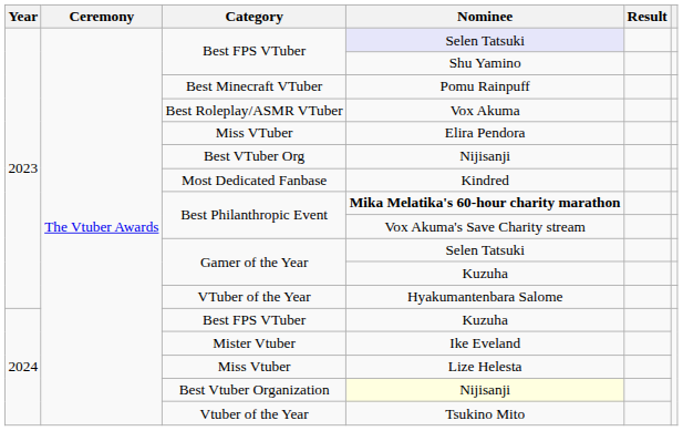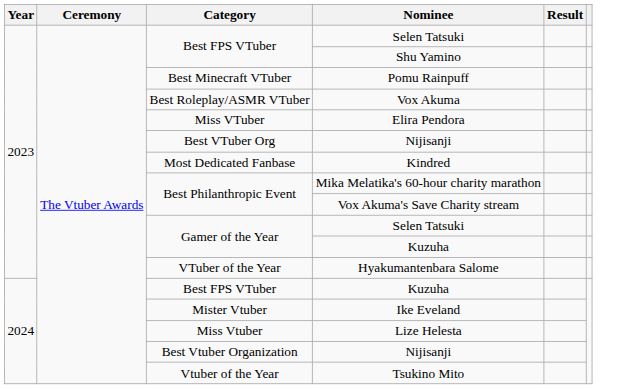 <table class="wikitable" style="text-align:center;">
 <tr>
 <th>Year</th>
 <th>Ceremony</th>
 <th>Category</th>
 <th>Nominee</th>
 <th>Result</th>
 <th></th>
 </tr>
 <tr>
 <td rowspan="12">2023</td>
 <td rowspan="17"><a href='#'>The Vtuber Awards</a></td>
 <td rowspan="2">Best FPS VTuber</td>
-<td style="background: lavender;">Selen Tatsuki</td>
+<td>Selen Tatsuki</td>
 <td></td>
 <td></td>
 </tr>
 <tr>
 <td>Shu Yamino</td>
 <td></td>
 <td></td>
 </tr>
 <tr>
 <td>Best Minecraft VTuber</td>
 <td>Pomu Rainpuff</td>
 <td></td>
 <td></td>
 </tr>
 <tr>
 <td>Best Roleplay/ASMR VTuber</td>
 <td>Vox Akuma</td>
 <td></td>
 <td></td>
 </tr>
 <tr>
 <td>Miss VTuber</td>
 <td>Elira Pendora</td>
 <td></td>
 <td></td>
 </tr>
 <tr>
 <td>Best VTuber Org</td>
 <td>Nijisanji</td>
 <td></td>
 <td></td>
 </tr>
 <tr>
 <td>Most Dedicated Fanbase</td>
 <td>Kindred</td>
 <td></td>
 <td></td>
 </tr>
 <tr>
 <td rowspan="2">Best Philanthropic Event</td>
-<td><strong>Mika Melatika's 60-hour charity marathon</strong></td>
+<td>Mika Melatika's 60-hour charity marathon</td>
 <td></td>
 <td></td>
 </tr>
 <tr>
 <td>Vox Akuma's Save Charity stream</td>
 <td></td>
 <td></td>
 </tr>
 <tr>
 <td rowspan="2">Gamer of the Year</td>
 <td>Selen Tatsuki</td>
 <td></td>
 <td></td>
 </tr>
 <tr>
 <td>Kuzuha</td>
 <td></td>
 <td></td>
 </tr>
 <tr>
 <td>VTuber of the Year</td>
 <td>Hyakumantenbara Salome</td>
 <td></td>
 <td></td>
 </tr>
 <tr>
 <td rowspan="5">2024</td>
 <td>Best FPS VTuber</td>
 <td>Kuzuha</td>
 <td></td>
 </tr>
 <tr>
 <td>Mister Vtuber</td>
 <td>Ike Eveland</td>
 <td></td>
 </tr>
 <tr>
 <td>Miss Vtuber</td>
 <td>Lize Helesta</td>
 <td></td>
 </tr>
 <tr>
 <td>Best Vtuber Organization</td>
-<td style="background: lightyellow;">Nijisanji</td>
+<td>Nijisanji</td>
 <td></td>
 </tr>
 <tr>
 <td>Vtuber of the Year</td>
 <td>Tsukino Mito</td>
 <td></td>
 </tr>
 </table>
